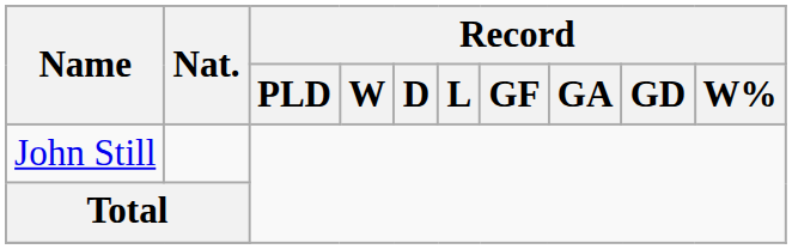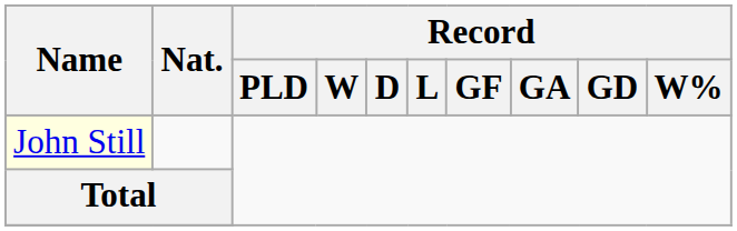 <table class="wikitable" style="text-align: center">
 <tr>
 <th rowspan="2">Name</th>
 <th rowspan="2">Nat.</th>
 <th colspan="8">Record</th>
 </tr>
 <tr>
 <th>PLD</th>
 <th>W</th>
 <th>D</th>
 <th>L</th>
 <th>GF</th>
 <th>GA</th>
 <th>GD</th>
 <th>W%</th>
 </tr>
 <tr>
-<td align=left><a href='#'>John Still</a></td>
+<td align=left style="background: lightyellow;"><a href='#'>John Still</a></td>
 <td><br></td>
 </tr>
 <tr>
 <th colspan="2"><strong>Total</strong><br></th>
 </tr>
 <tr>
 </tr>
 </table>
